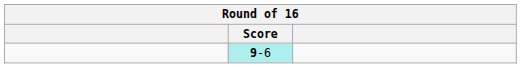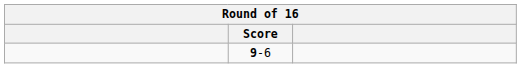 <table class="wikitable" style="text-align: center; font-size:90% ">
 <tr>
 <th colspan=3>Round of 16</th>
 </tr>
 <tr>
 <th align="right" width=220></th>
 <th width="60">Score</th>
 <th align="left" width=220></th>
 </tr>
 <tr>
 <td align=left><strong></strong></td>
-<td align=center style="background: paleturquoise;"><strong>9</strong>-6</td>
+<td align=center><strong>9</strong>-6</td>
 <td align=left></td>
 </tr>
 </table>
